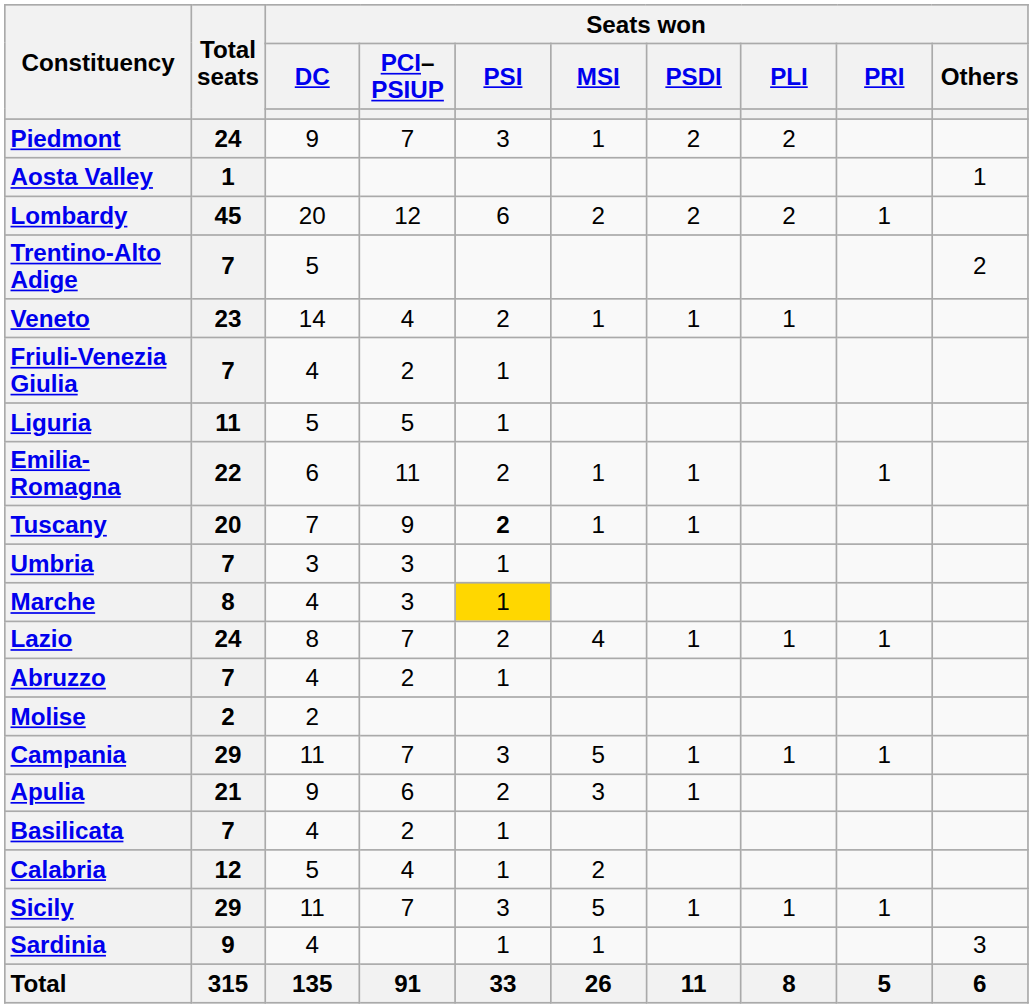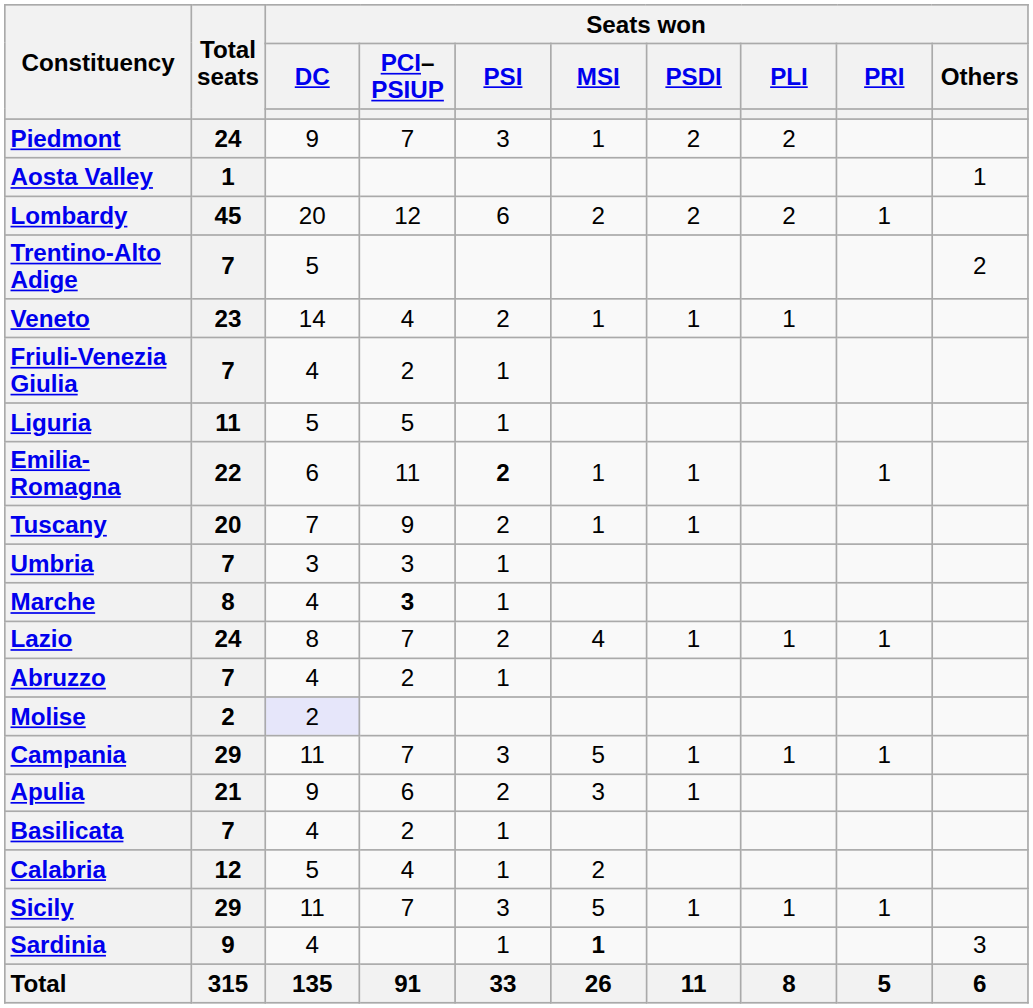 <table class="wikitable" style="text-align:center; font-size: 0.9em;">
 <tr>
 <th rowspan="3">Constituency</th>
 <th rowspan="3">Total<br>seats</th>
 <th colspan="8">Seats won</th>
 </tr>
 <tr>
 <th class="unsortable" style="width:50px;"><a href='#'>DC</a></th>
 <th class="unsortable" style="width:50px;"><a href='#'>PCI</a>–<a href='#'>PSIUP</a></th>
 <th class="unsortable" style="width:50px;"><a href='#'>PSI</a></th>
 <th class="unsortable" style="width:50px;"><a href='#'>MSI</a></th>
 <th class="unsortable" style="width:50px;"><a href='#'>PSDI</a></th>
 <th class="unsortable" style="width:50px;"><a href='#'>PLI</a></th>
 <th class="unsortable" style="width:50px;"><a href='#'>PRI</a></th>
 <th class="unsortable" style="width:50px;">Others</th>
 </tr>
 <tr>
 <th style="background:"></th>
 <th style="background:"></th>
 <th style="background:"></th>
 <th style="background:"></th>
 <th style="background:"></th>
 <th style="background:"></th>
 <th style="background:"></th>
 <th style="background:"></th>
 </tr>
 <tr>
 <th style="text-align: left;"><a href='#'>Piedmont</a></th>
 <th>24</th>
 <td>9</td>
 <td>7</td>
 <td>3</td>
 <td>1</td>
 <td>2</td>
 <td>2</td>
 <td></td>
 <td></td>
 </tr>
 <tr>
 <th style="text-align: left;"><a href='#'>Aosta Valley</a></th>
 <th>1</th>
 <td></td>
 <td></td>
 <td></td>
 <td></td>
 <td></td>
 <td></td>
 <td></td>
 <td>1</td>
 </tr>
 <tr>
 <th style="text-align: left;"><a href='#'>Lombardy</a></th>
 <th>45</th>
 <td>20</td>
 <td>12</td>
 <td>6</td>
 <td>2</td>
 <td>2</td>
 <td>2</td>
 <td>1</td>
 <td></td>
 </tr>
 <tr>
 <th style="text-align: left;"><a href='#'>Trentino-Alto Adige</a></th>
 <th>7</th>
 <td>5</td>
 <td></td>
 <td></td>
 <td></td>
 <td></td>
 <td></td>
 <td></td>
 <td>2</td>
 </tr>
 <tr>
 <th style="text-align: left;"><a href='#'>Veneto</a></th>
 <th>23</th>
 <td>14</td>
 <td>4</td>
 <td>2</td>
 <td>1</td>
 <td>1</td>
 <td>1</td>
 <td></td>
 <td></td>
 </tr>
 <tr>
 <th style="text-align: left;"><a href='#'>Friuli-Venezia Giulia</a></th>
 <th>7</th>
 <td>4</td>
 <td>2</td>
 <td>1</td>
 <td></td>
 <td></td>
 <td></td>
 <td></td>
 <td></td>
 </tr>
 <tr>
 <th style="text-align: left;"><a href='#'>Liguria</a></th>
 <th>11</th>
 <td>5</td>
 <td>5</td>
 <td>1</td>
 <td></td>
 <td></td>
 <td></td>
 <td></td>
 <td></td>
 </tr>
 <tr>
 <th style="text-align: left;"><a href='#'>Emilia-Romagna</a></th>
 <th>22</th>
 <td>6</td>
 <td>11</td>
-<td>2</td>
+<td><strong>2</strong></td>
 <td>1</td>
 <td>1</td>
 <td></td>
 <td>1</td>
 <td></td>
 </tr>
 <tr>
 <th style="text-align: left;"><a href='#'>Tuscany</a></th>
 <th>20</th>
 <td>7</td>
 <td>9</td>
-<td><strong>2</strong></td>
+<td>2</td>
 <td>1</td>
 <td>1</td>
 <td></td>
 <td></td>
 <td></td>
 </tr>
 <tr>
 <th style="text-align: left;"><a href='#'>Umbria</a></th>
 <th>7</th>
 <td>3</td>
 <td>3</td>
 <td>1</td>
 <td></td>
 <td></td>
 <td></td>
 <td></td>
 <td></td>
 </tr>
 <tr>
 <th style="text-align: left;"><a href='#'>Marche</a></th>
 <th>8</th>
 <td>4</td>
-<td>3</td>
-<td style="background: gold;">1</td>
+<td><strong>3</strong></td>
+<td>1</td>
 <td></td>
 <td></td>
 <td></td>
 <td></td>
 <td></td>
 </tr>
 <tr>
 <th style="text-align: left;"><a href='#'>Lazio</a></th>
 <th>24</th>
 <td>8</td>
 <td>7</td>
 <td>2</td>
 <td>4</td>
 <td>1</td>
 <td>1</td>
 <td>1</td>
 <td></td>
 </tr>
 <tr>
 <th style="text-align: left;"><a href='#'>Abruzzo</a></th>
 <th>7</th>
 <td>4</td>
 <td>2</td>
 <td>1</td>
 <td></td>
 <td></td>
 <td></td>
 <td></td>
 <td></td>
 </tr>
 <tr>
 <th style="text-align: left;"><a href='#'>Molise</a></th>
 <th>2</th>
-<td>2</td>
+<td style="background: lavender;">2</td>
 <td></td>
 <td></td>
 <td></td>
 <td></td>
 <td></td>
 <td></td>
 <td></td>
 </tr>
 <tr>
 <th style="text-align: left;"><a href='#'>Campania</a></th>
 <th>29</th>
 <td>11</td>
 <td>7</td>
 <td>3</td>
 <td>5</td>
 <td>1</td>
 <td>1</td>
 <td>1</td>
 <td></td>
 </tr>
 <tr>
 <th style="text-align: left;"><a href='#'>Apulia</a></th>
 <th>21</th>
 <td>9</td>
 <td>6</td>
 <td>2</td>
 <td>3</td>
 <td>1</td>
 <td></td>
 <td></td>
 <td></td>
 </tr>
 <tr>
 <th style="text-align: left;"><a href='#'>Basilicata</a></th>
 <th>7</th>
 <td>4</td>
 <td>2</td>
 <td>1</td>
 <td></td>
 <td></td>
 <td></td>
 <td></td>
 <td></td>
 </tr>
 <tr>
 <th style="text-align: left;"><a href='#'>Calabria</a></th>
 <th>12</th>
 <td>5</td>
 <td>4</td>
 <td>1</td>
 <td>2</td>
 <td></td>
 <td></td>
 <td></td>
 <td></td>
 </tr>
 <tr>
 <th style="text-align: left;"><a href='#'>Sicily</a></th>
 <th>29</th>
 <td>11</td>
 <td>7</td>
 <td>3</td>
 <td>5</td>
 <td>1</td>
 <td>1</td>
 <td>1</td>
 <td></td>
 </tr>
 <tr>
 <th style="text-align: left;"><a href='#'>Sardinia</a></th>
 <th>9</th>
 <td>4</td>
 <td></td>
 <td>1</td>
-<td>1</td>
+<td><strong>1</strong></td>
 <td></td>
 <td></td>
 <td></td>
 <td>3</td>
 </tr>
 <tr>
 <th style="text-align: left;">Total</th>
 <th>315</th>
 <th>135</th>
 <th>91</th>
 <th>33</th>
 <th>26</th>
 <th>11</th>
 <th>8</th>
 <th>5</th>
 <th>6</th>
 </tr>
 </table>
